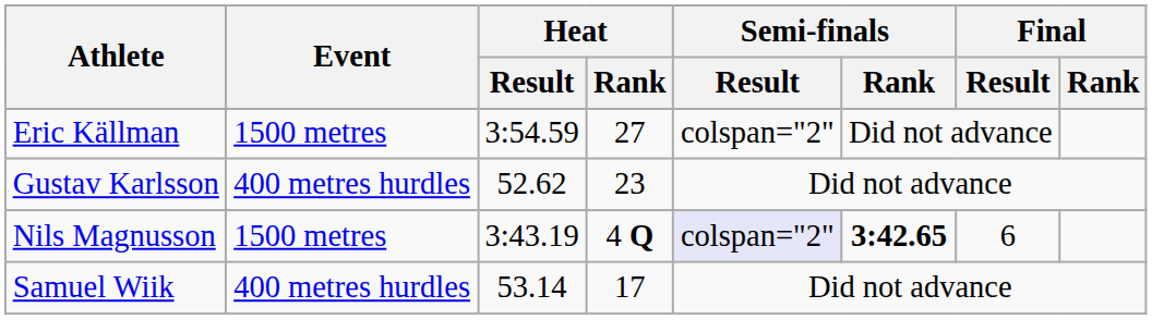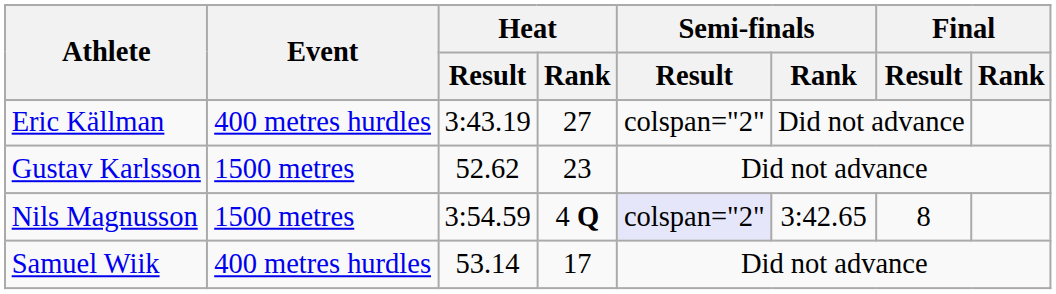 <table class="wikitable" style="font-size:90%; text-align:center">
 <tr>
 <th rowspan="2">Athlete</th>
 <th rowspan="2">Event</th>
 <th colspan="2">Heat</th>
 <th colspan="2">Semi-finals</th>
 <th colspan="2">Final</th>
 </tr>
 <tr>
 <th>Result</th>
 <th>Rank</th>
 <th>Result</th>
 <th>Rank</th>
 <th>Result</th>
 <th>Rank</th>
 </tr>
 <tr>
 <td align="left"><a href='#'>Eric Källman</a></td>
-<td align="left"><a href='#'>1500 metres</a></td>
-<td>3:54.59 </td>
+<td align="left"><a href='#'>400 metres hurdles</a></td>
+<td>3:43.19</td>
 <td>27</td>
 <td>colspan="2" </td>
 <td colspan="2">Did not advance</td>
 </tr>
 <tr>
 <td align="left"><a href='#'>Gustav Karlsson</a></td>
-<td align="left"><a href='#'>400 metres hurdles</a></td>
+<td align="left"><a href='#'>1500 metres</a></td>
 <td>52.62</td>
 <td>23</td>
 <td colspan="4">Did not advance</td>
 </tr>
 <tr>
 <td align="left"><a href='#'>Nils Magnusson</a></td>
 <td align="left"><a href='#'>1500 metres</a></td>
-<td>3:43.19</td>
+<td>3:54.59 </td>
 <td>4 <strong>Q</strong></td>
 <td style="background: lavender;">colspan="2" </td>
-<td><strong>3:42.65</strong></td>
-<td>6</td>
+<td>3:42.65</td>
+<td>8</td>
 </tr>
 <tr>
 <td align="left"><a href='#'>Samuel Wiik</a></td>
 <td align="left"><a href='#'>400 metres hurdles</a></td>
 <td>53.14</td>
 <td>17</td>
 <td colspan="4">Did not advance</td>
 </tr>
 </table>
